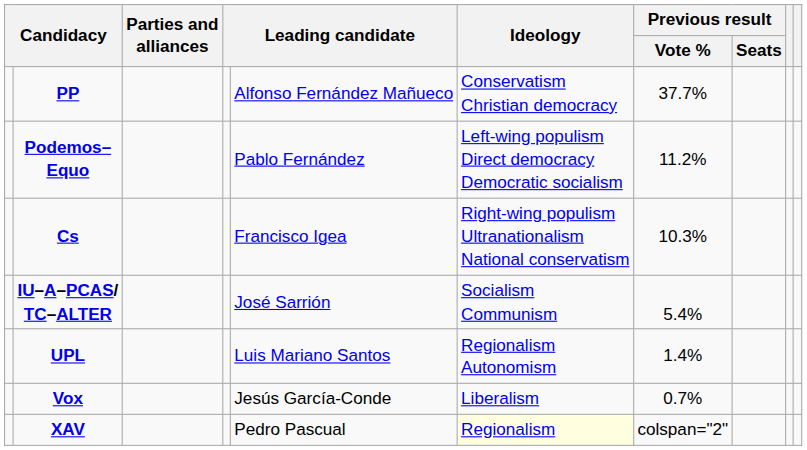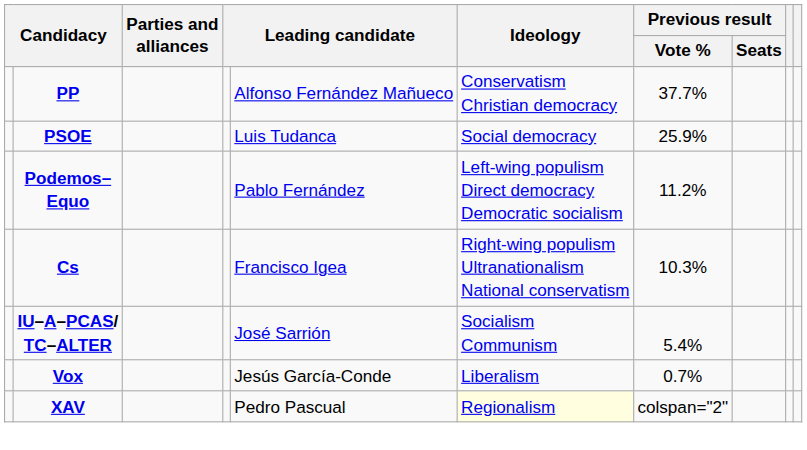 <table class="wikitable" style="line-height:1.35em; text-align:left;">
 <tr>
 <th colspan="2" rowspan="2">Candidacy</th>
 <th rowspan="2">Parties and<br>alliances</th>
 <th colspan="2" rowspan="2">Leading candidate</th>
 <th rowspan="2">Ideology</th>
 <th colspan="2">Previous result</th>
 <th rowspan="2"></th>
 <th rowspan="2"></th>
 </tr>
 <tr>
 <th>Vote %</th>
 <th>Seats</th>
 </tr>
 <tr>
 <td width="1" style="color:inherit;background:"></td>
 <td align="center"><strong><a href='#'>PP</a></strong></td>
 <td></td>
 <td></td>
 <td><a href='#'>Alfonso Fernández Mañueco</a></td>
 <td><a href='#'>Conservatism</a><br><a href='#'>Christian democracy</a></td>
 <td align="center">37.7%</td>
 <td></td>
 <td></td>
 <td><br></td>
+</tr>
+<tr>
+<td style="color:inherit;background:"></td>
+<td align="center"><strong><a href='#'>PSOE</a></strong></td>
+<td></td>
+<td></td>
+<td><a href='#'>Luis Tudanca</a></td>
+<td><a href='#'>Social democracy</a></td>
+<td align="center">25.9%</td>
+<td></td>
+<td></td>
+<td></td>
 </tr>
 <tr>
 <td style="color:inherit;background:"></td>
 <td align="center"><strong><a href='#'>Podemos–<br>Equo</a></strong></td>
 <td></td>
 <td></td>
 <td><a href='#'>Pablo Fernández</a></td>
 <td><a href='#'>Left-wing populism</a><br><a href='#'>Direct democracy</a><br><a href='#'>Democratic socialism</a></td>
 <td align="center">11.2%</td>
 <td></td>
 <td></td>
 <td></td>
 </tr>
 <tr>
 <td style="color:inherit;background:"></td>
 <td align="center"><strong><a href='#'>Cs</a></strong></td>
 <td></td>
 <td></td>
 <td><a href='#'>Francisco Igea</a></td>
 <td><a href='#'>Right-wing populism</a><br><a href='#'>Ultranationalism</a><br><a href='#'>National conservatism</a></td>
 <td align="center">10.3%</td>
 <td></td>
 <td></td>
 <td></td>
 </tr>
 <tr>
 <td style="color:inherit;background:"></td>
 <td align="center"><strong><a href='#'>IU</a>–<a href='#'>A</a>–<a href='#'>PCAS</a>/<br><a href='#'>TC</a>–<a href='#'>ALTER</a></strong></td>
 <td></td>
 <td></td>
 <td><a href='#'>José Sarrión</a></td>
 <td><a href='#'>Socialism</a><br><a href='#'>Communism</a></td>
 <td align="center"><br>5.4%<br></td>
 <td></td>
 <td></td>
 <td></td>
 </tr>
 <tr>
 <td style="color:inherit;background:"></td>
-<td align="center"><strong><a href='#'>UPL</a></strong></td>
-<td></td>
-<td></td>
-<td><a href='#'>Luis Mariano Santos</a></td>
-<td><a href='#'>Regionalism</a><br><a href='#'>Autonomism</a></td>
-<td align="center">1.4%</td>
-<td></td>
-<td></td>
-<td></td>
-</tr>
-<tr>
-<td style="color:inherit;background:"></td>
 <td align="center"><strong><a href='#'>Vox</a></strong></td>
 <td></td>
 <td></td>
 <td>Jesús García-Conde</td>
 <td><a href='#'>Liberalism</a></td>
 <td align="center">0.7%</td>
 <td></td>
 <td></td>
 <td></td>
 </tr>
 <tr>
 <td style="color:inherit;background:"></td>
 <td align="center"><strong><a href='#'>XAV</a></strong></td>
 <td></td>
 <td></td>
 <td>Pedro Pascual</td>
 <td style="background: lightyellow;"><a href='#'>Regionalism</a></td>
 <td>colspan="2" </td>
 <td></td>
 <td></td>
 </tr>
 </table>
